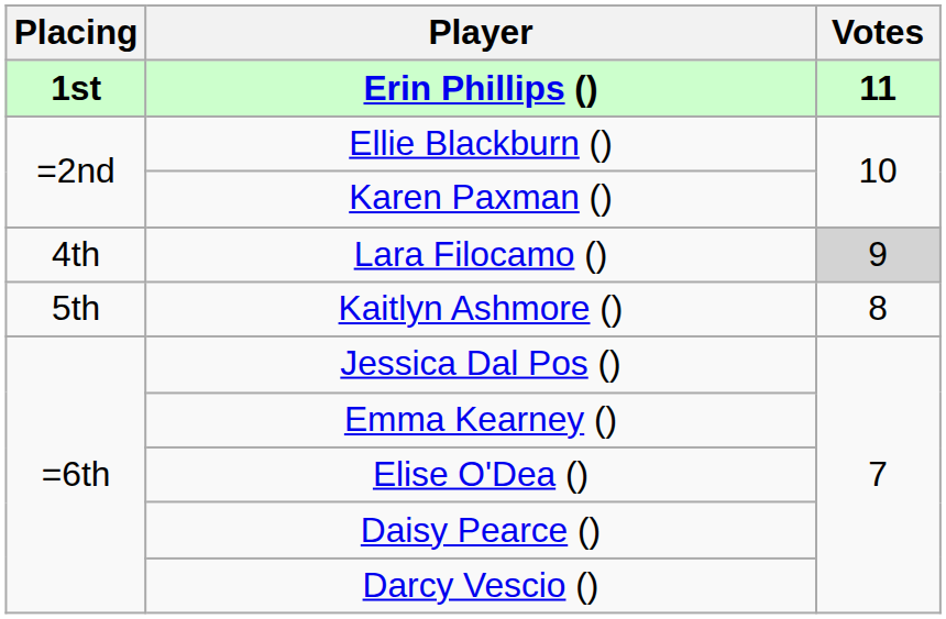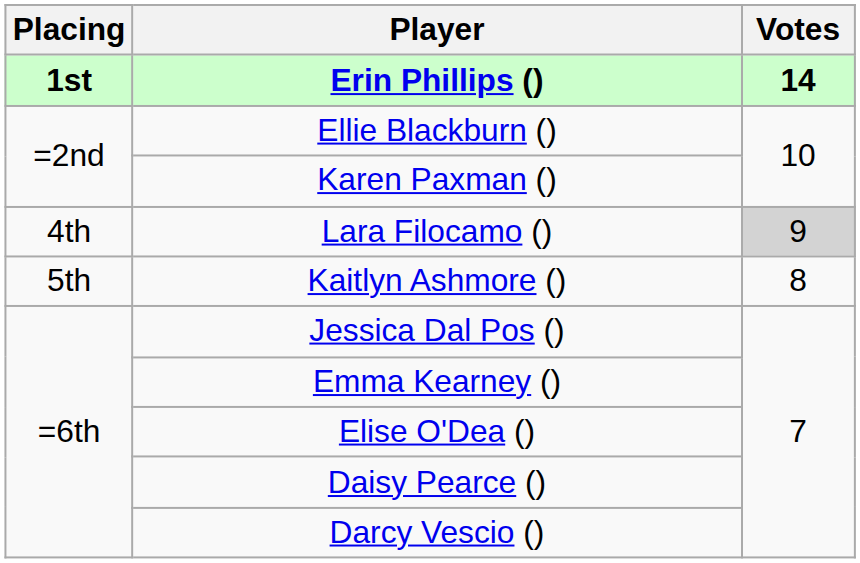 <table class="wikitable" style="margin:1em auto; text-align:center;">
 <tr>
 <th style="width:50px">Placing</th>
 <th style="width:300px">Player</th>
 <th style="width:50px">Votes</th>
 </tr>
 <tr style="background:#cfc">
 <td><strong>1st</strong></td>
 <td><strong><a href='#'>Erin Phillips</a> ()</strong></td>
-<td><strong>11</strong></td>
+<td><strong>14</strong></td>
 </tr>
 <tr>
 <td rowspan=2>=2nd</td>
 <td><a href='#'>Ellie Blackburn</a> ()</td>
 <td rowspan=2>10</td>
 </tr>
 <tr>
 <td><a href='#'>Karen Paxman</a> ()</td>
 </tr>
 <tr>
 <td>4th</td>
 <td><a href='#'>Lara Filocamo</a> ()</td>
 <td style="background: lightgrey;">9</td>
 </tr>
 <tr>
 <td>5th</td>
 <td><a href='#'>Kaitlyn Ashmore</a> ()</td>
 <td>8</td>
 </tr>
 <tr>
 <td rowspan=5>=6th</td>
 <td><a href='#'>Jessica Dal Pos</a> ()</td>
 <td rowspan=5>7</td>
 </tr>
 <tr>
 <td><a href='#'>Emma Kearney</a> ()</td>
 </tr>
 <tr>
 <td><a href='#'>Elise O'Dea</a> ()</td>
 </tr>
 <tr>
 <td><a href='#'>Daisy Pearce</a> ()</td>
 </tr>
 <tr>
 <td><a href='#'>Darcy Vescio</a> ()</td>
 </tr>
 </table>
